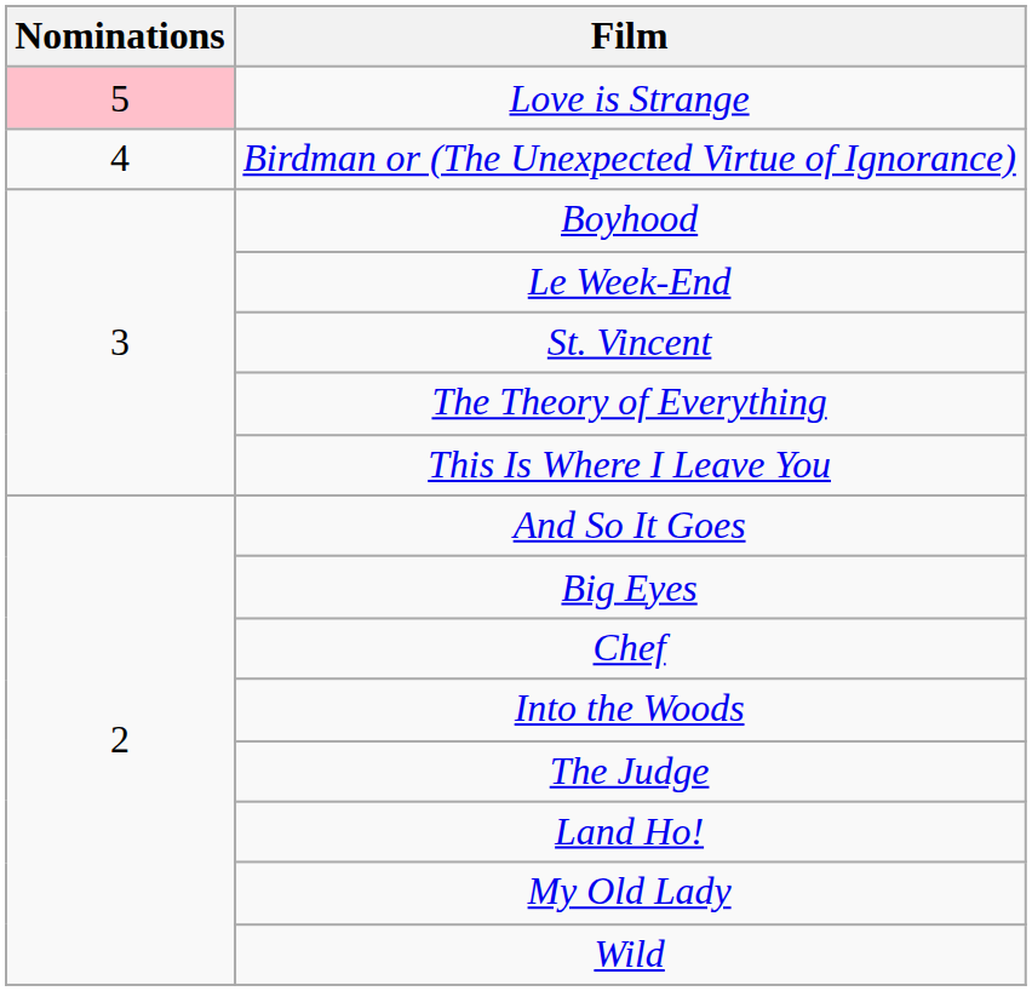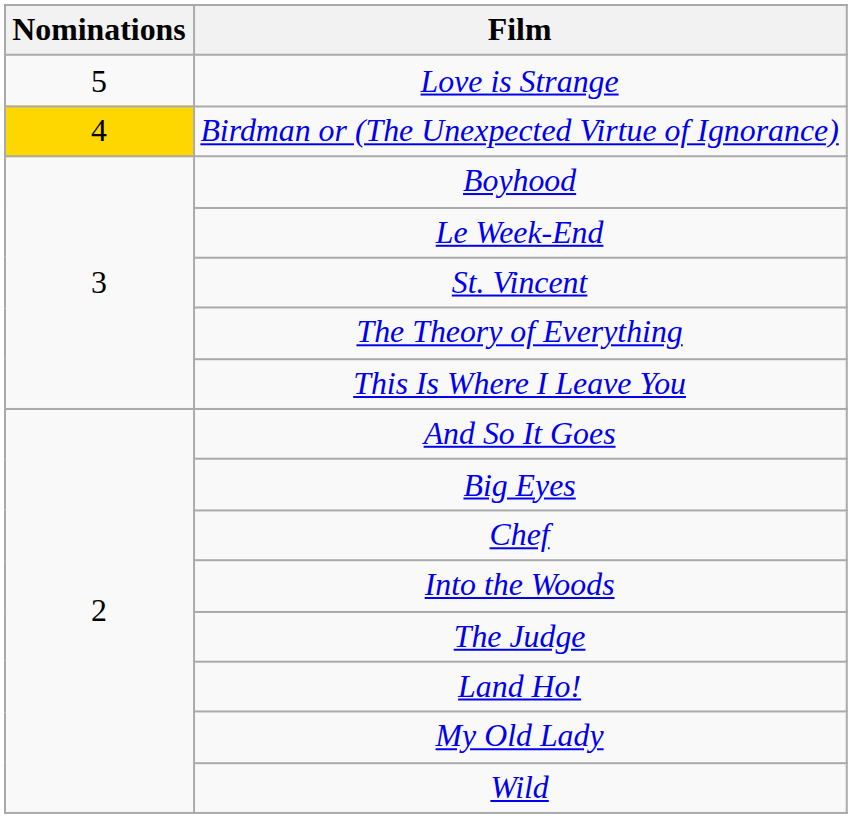 <table class="wikitable plainrowheaders" style="text-align:center;">
 <tr>
 <th scope="col" style="width:55px;">Nominations</th>
 <th scope="col" style="text-align:center;">Film</th>
 </tr>
 <tr>
-<td scope=row rowspan=1 style="background: pink; text-align:center;">5</td>
+<td scope=row rowspan=1 style="text-align:center;">5</td>
 <td><em><a href='#'>Love is Strange</a></em></td>
 </tr>
 <tr>
-<td scope=row rowspan=1 style="text-align:center;">4</td>
+<td scope=row rowspan=1 style="background: gold; text-align:center;">4</td>
 <td><em><a href='#'>Birdman or (The Unexpected Virtue of Ignorance)</a></em></td>
 </tr>
 <tr>
 <td scope=row rowspan=5 style="text-align:center;">3</td>
 <td><em><a href='#'>Boyhood</a></em></td>
 </tr>
 <tr>
 <td><em><a href='#'>Le Week-End</a></em></td>
 </tr>
 <tr>
 <td><em><a href='#'>St. Vincent</a></em></td>
 </tr>
 <tr>
 <td><em><a href='#'>The Theory of Everything</a></em></td>
 </tr>
 <tr>
 <td><em><a href='#'>This Is Where I Leave You</a></em></td>
 </tr>
 <tr>
 <td scope=row rowspan=8 style="text-align:center;">2</td>
 <td><em><a href='#'>And So It Goes</a></em></td>
 </tr>
 <tr>
 <td><em><a href='#'>Big Eyes</a></em></td>
 </tr>
 <tr>
 <td><em><a href='#'>Chef</a></em></td>
 </tr>
 <tr>
 <td><em><a href='#'>Into the Woods</a></em></td>
 </tr>
 <tr>
 <td><em><a href='#'>The Judge</a></em></td>
 </tr>
 <tr>
 <td><em><a href='#'>Land Ho!</a></em></td>
 </tr>
 <tr>
 <td><em><a href='#'>My Old Lady</a></em></td>
 </tr>
 <tr>
 <td><em><a href='#'>Wild</a></em></td>
 </tr>
 </table>
